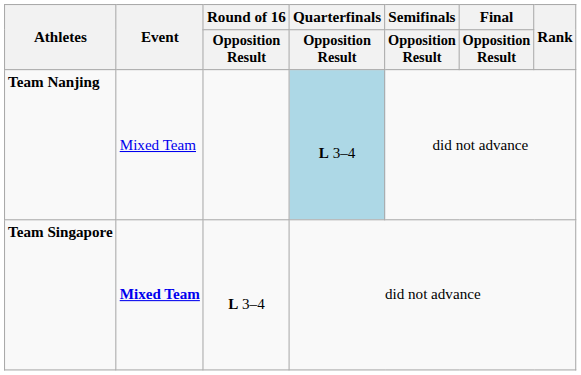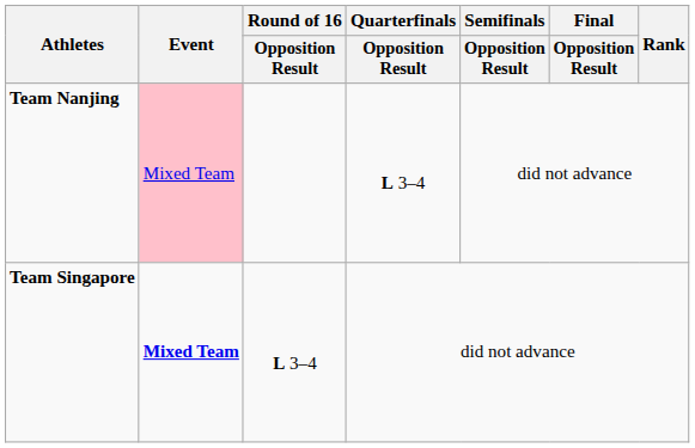 <table class="wikitable" style="font-size:90%">
 <tr>
 <th rowspan="2">Athletes</th>
 <th rowspan="2">Event</th>
 <th>Round of 16</th>
 <th>Quarterfinals</th>
 <th>Semifinals</th>
 <th>Final</th>
 <th rowspan=2>Rank</th>
 </tr>
 <tr style="font-size:95%">
 <th>Opposition<br>Result</th>
 <th>Opposition<br>Result</th>
 <th>Opposition<br>Result</th>
 <th>Opposition<br>Result</th>
 </tr>
 <tr align=center>
 <td align=left><strong>Team Nanjing</strong><br><br> <br><br><br><br><br><br></td>
-<td align=left><a href='#'>Mixed Team</a></td>
+<td align=left style="background: pink;"><a href='#'>Mixed Team</a></td>
 <td></td>
-<td style="background: lightblue;"><br><strong>L</strong> 3–4</td>
+<td><br><strong>L</strong> 3–4</td>
 <td colspan=3>did not advance</td>
 </tr>
 <tr align=center>
 <td align=left><strong>Team Singapore</strong><br><br> <br><br><br><br><br><br></td>
 <td align=left><strong><a href='#'>Mixed Team</a></strong></td>
 <td><br><strong>L</strong> 3–4</td>
 <td colspan=4>did not advance</td>
 </tr>
 </table>
